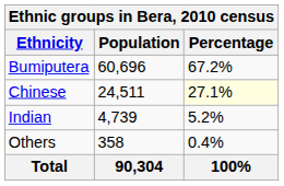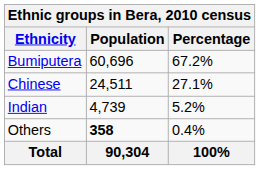 <table class="wikitable">
 <tr>
 <th style="text-align:center;" colspan="3">Ethnic groups in Bera, 2010 census</th>
 </tr>
 <tr>
 <th><a href='#'>Ethnicity</a></th>
 <th>Population</th>
 <th>Percentage</th>
 </tr>
 <tr>
 <td><a href='#'>Bumiputera</a></td>
 <td>60,696</td>
 <td>67.2%</td>
 </tr>
 <tr>
 <td><a href='#'>Chinese</a></td>
 <td>24,511</td>
-<td style="background: lightyellow;">27.1%</td>
+<td>27.1%</td>
 </tr>
 <tr>
 <td><a href='#'>Indian</a></td>
 <td>4,739</td>
 <td>5.2%</td>
 </tr>
 <tr>
 <td>Others</td>
-<td>358</td>
+<td><strong>358</strong></td>
 <td>0.4%</td>
 </tr>
 <tr>
 <th>Total</th>
 <th>90,304</th>
 <th>100%</th>
 </tr>
 </table>
